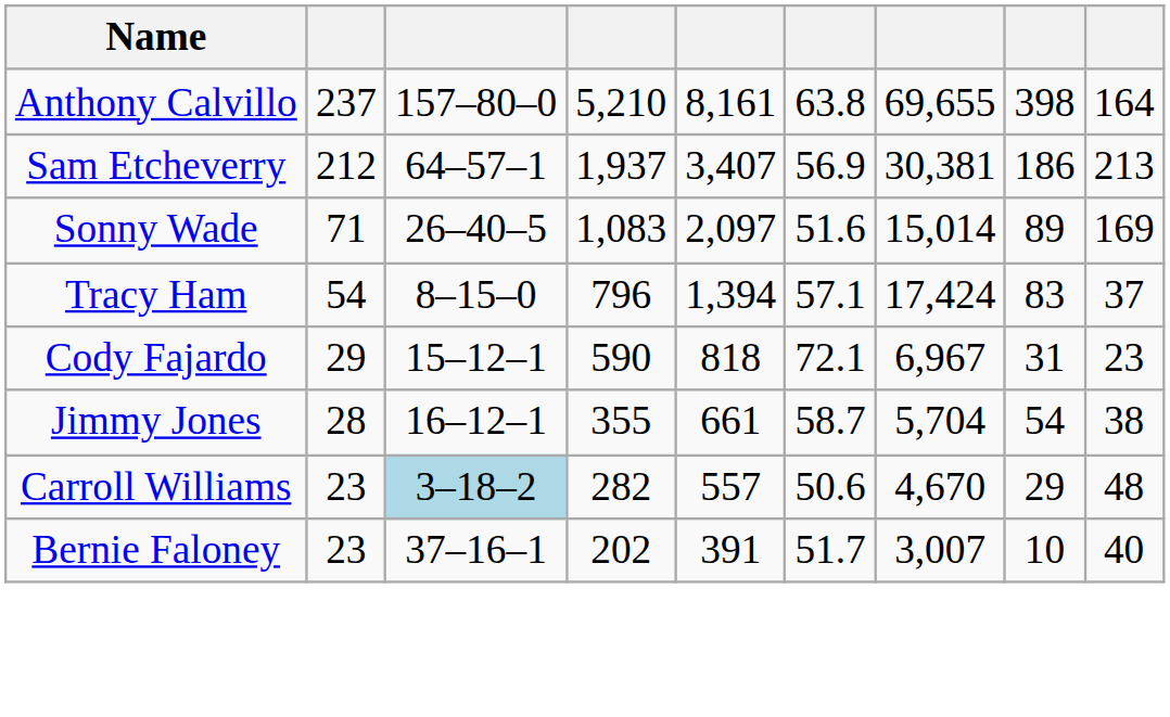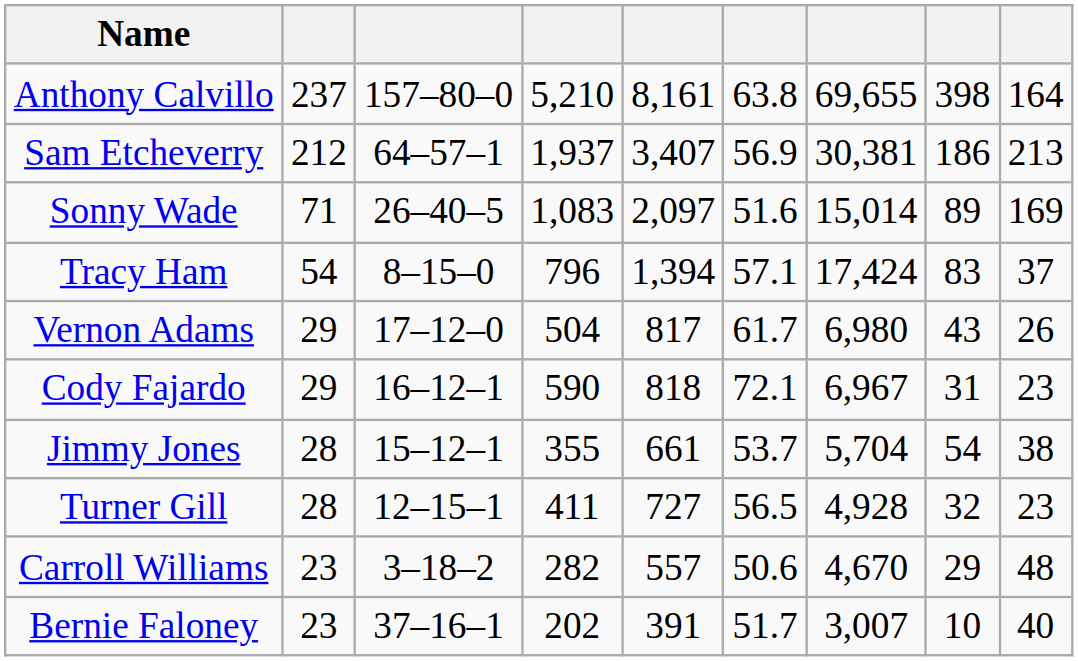 <table class="wikitable sortable" style="text-align:center">
 <tr>
 <th>Name</th>
 <th></th>
 <th></th>
 <th></th>
 <th></th>
 <th></th>
 <th></th>
 <th></th>
 <th></th>
 </tr>
 <tr>
 <td><a href='#'>Anthony Calvillo</a></td>
 <td>237</td>
 <td>157–80–0</td>
 <td>5,210</td>
 <td>8,161</td>
 <td>63.8</td>
 <td>69,655</td>
 <td>398</td>
 <td>164</td>
 </tr>
 <tr>
 <td><a href='#'>Sam Etcheverry</a></td>
 <td>212</td>
 <td>64–57–1</td>
 <td>1,937</td>
 <td>3,407</td>
 <td>56.9</td>
 <td>30,381</td>
 <td>186</td>
 <td>213</td>
 </tr>
 <tr>
 <td><a href='#'>Sonny Wade</a></td>
 <td>71</td>
 <td>26–40–5</td>
 <td>1,083</td>
 <td>2,097</td>
 <td>51.6</td>
 <td>15,014</td>
 <td>89</td>
 <td>169</td>
 </tr>
 <tr>
 <td><a href='#'>Tracy Ham</a></td>
 <td>54</td>
 <td>8–15–0</td>
 <td>796</td>
 <td>1,394</td>
 <td>57.1</td>
 <td>17,424</td>
 <td>83</td>
 <td>37</td>
 </tr>
 <tr>
+<td><a href='#'>Vernon Adams</a></td>
+<td>29</td>
+<td>17–12–0</td>
+<td>504</td>
+<td>817</td>
+<td>61.7</td>
+<td>6,980</td>
+<td>43</td>
+<td>26</td>
+</tr>
+<tr>
 <td><a href='#'>Cody Fajardo</a></td>
 <td>29</td>
-<td>15–12–1</td>
+<td>16–12–1</td>
 <td>590</td>
 <td>818</td>
 <td>72.1</td>
 <td>6,967</td>
 <td>31</td>
 <td>23</td>
 </tr>
 <tr>
 <td><a href='#'>Jimmy Jones</a></td>
 <td>28</td>
-<td>16–12–1</td>
+<td>15–12–1</td>
 <td>355</td>
 <td>661</td>
-<td>58.7</td>
+<td>53.7</td>
 <td>5,704</td>
 <td>54</td>
 <td>38</td>
 </tr>
 <tr>
+<td><a href='#'>Turner Gill</a></td>
+<td>28</td>
+<td>12–15–1</td>
+<td>411</td>
+<td>727</td>
+<td>56.5</td>
+<td>4,928</td>
+<td>32</td>
+<td>23</td>
+</tr>
+<tr>
 <td><a href='#'>Carroll Williams</a></td>
 <td>23</td>
-<td style="background: lightblue;">3–18–2</td>
+<td>3–18–2</td>
 <td>282</td>
 <td>557</td>
 <td>50.6</td>
 <td>4,670</td>
 <td>29</td>
 <td>48</td>
 </tr>
 <tr>
 <td><a href='#'>Bernie Faloney</a></td>
 <td>23</td>
 <td>37–16–1</td>
 <td>202</td>
 <td>391</td>
 <td>51.7</td>
 <td>3,007</td>
 <td>10</td>
 <td>40</td>
 </tr>
 </table>
